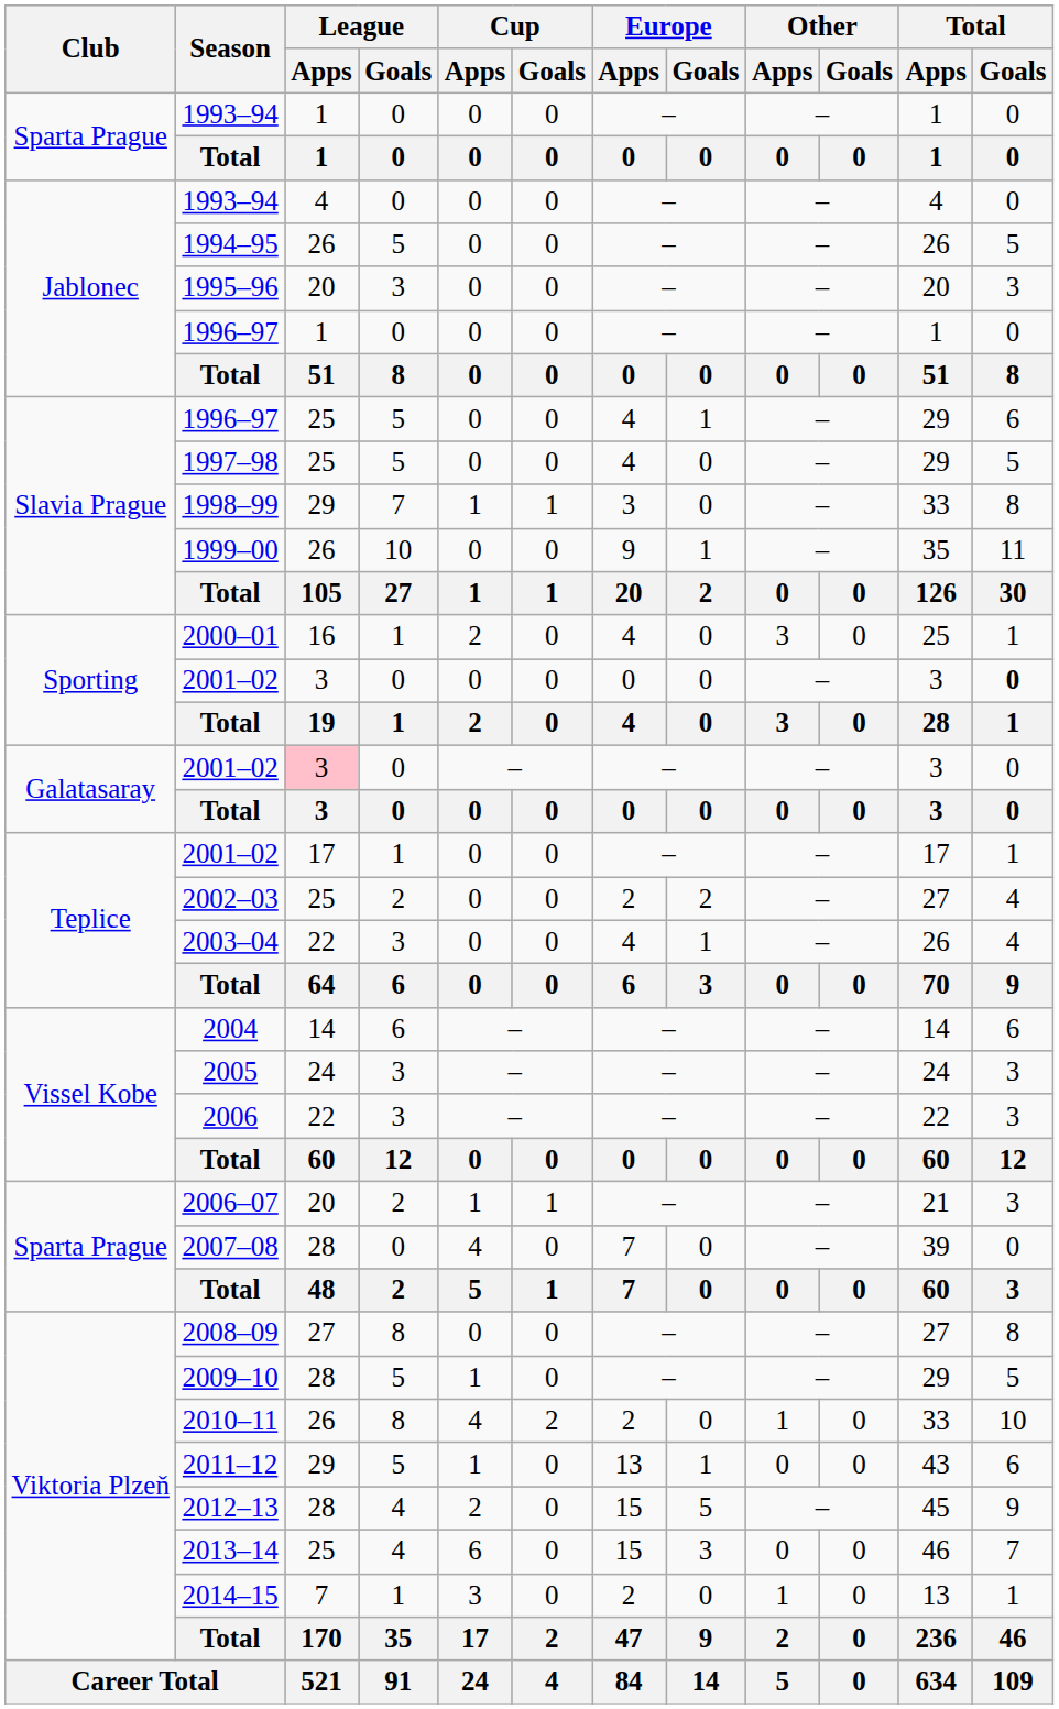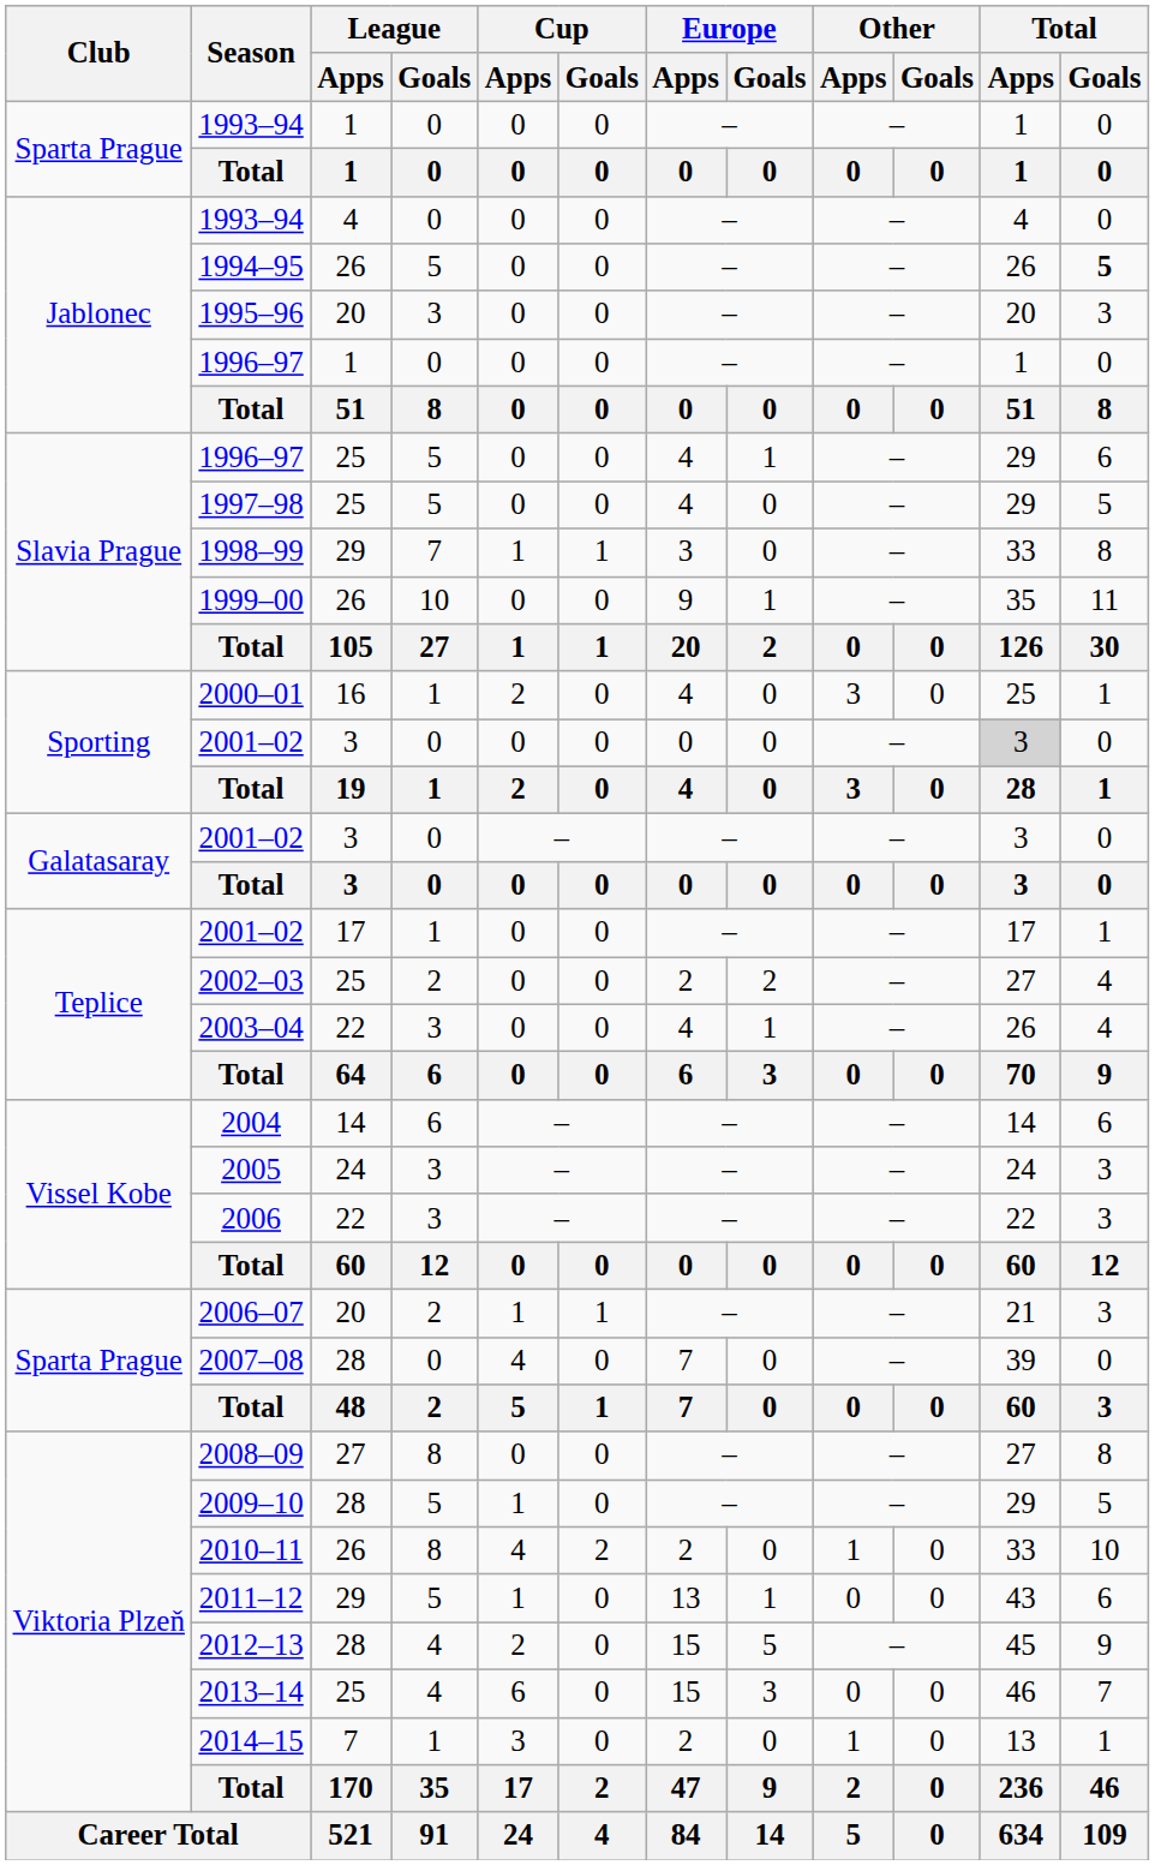 <table class="wikitable" style="text-align: center">
 <tr>
 <th rowspan="2">Club</th>
 <th rowspan="2">Season</th>
 <th colspan="2">League</th>
 <th colspan="2">Cup</th>
 <th colspan="2"><a href='#'>Europe</a></th>
 <th colspan="2">Other</th>
 <th colspan="2">Total</th>
 </tr>
 <tr>
 <th>Apps</th>
 <th>Goals</th>
 <th>Apps</th>
 <th>Goals</th>
 <th>Apps</th>
 <th>Goals</th>
 <th>Apps</th>
 <th>Goals</th>
 <th>Apps</th>
 <th>Goals</th>
 </tr>
 <tr>
 <td rowspan="2"><a href='#'>Sparta Prague</a></td>
 <td><a href='#'>1993–94</a></td>
 <td>1</td>
 <td>0</td>
 <td>0</td>
 <td>0</td>
 <td colspan="2">–</td>
 <td colspan="2">–</td>
 <td>1</td>
 <td>0</td>
 </tr>
 <tr>
 <th>Total</th>
 <th>1</th>
 <th>0</th>
 <th>0</th>
 <th>0</th>
 <th>0</th>
 <th>0</th>
 <th>0</th>
 <th>0</th>
 <th>1</th>
 <th>0</th>
 </tr>
 <tr>
 <td rowspan="5"><a href='#'>Jablonec</a></td>
 <td><a href='#'>1993–94</a></td>
 <td>4</td>
 <td>0</td>
 <td>0</td>
 <td>0</td>
 <td colspan="2">–</td>
 <td colspan="2">–</td>
 <td>4</td>
 <td>0</td>
 </tr>
 <tr>
 <td><a href='#'>1994–95</a></td>
 <td>26</td>
 <td>5</td>
 <td>0</td>
 <td>0</td>
 <td colspan="2">–</td>
 <td colspan="2">–</td>
 <td>26</td>
-<td>5</td>
+<td><strong>5</strong></td>
 </tr>
 <tr>
 <td><a href='#'>1995–96</a></td>
 <td>20</td>
 <td>3</td>
 <td>0</td>
 <td>0</td>
 <td colspan="2">–</td>
 <td colspan="2">–</td>
 <td>20</td>
 <td>3</td>
 </tr>
 <tr>
 <td><a href='#'>1996–97</a></td>
 <td>1</td>
 <td>0</td>
 <td>0</td>
 <td>0</td>
 <td colspan="2">–</td>
 <td colspan="2">–</td>
 <td>1</td>
 <td>0</td>
 </tr>
 <tr>
 <th>Total</th>
 <th>51</th>
 <th>8</th>
 <th>0</th>
 <th>0</th>
 <th>0</th>
 <th>0</th>
 <th>0</th>
 <th>0</th>
 <th>51</th>
 <th>8</th>
 </tr>
 <tr>
 <td rowspan="5"><a href='#'>Slavia Prague</a></td>
 <td><a href='#'>1996–97</a></td>
 <td>25</td>
 <td>5</td>
 <td>0</td>
 <td>0</td>
 <td>4</td>
 <td>1</td>
 <td colspan="2">–</td>
 <td>29</td>
 <td>6</td>
 </tr>
 <tr>
 <td><a href='#'>1997–98</a></td>
 <td>25</td>
 <td>5</td>
 <td>0</td>
 <td>0</td>
 <td>4</td>
 <td>0</td>
 <td colspan="2">–</td>
 <td>29</td>
 <td>5</td>
 </tr>
 <tr>
 <td><a href='#'>1998–99</a></td>
 <td>29</td>
 <td>7</td>
 <td>1</td>
 <td>1</td>
 <td>3</td>
 <td>0</td>
 <td colspan="2">–</td>
 <td>33</td>
 <td>8</td>
 </tr>
 <tr>
 <td><a href='#'>1999–00</a></td>
 <td>26</td>
 <td>10</td>
 <td>0</td>
 <td>0</td>
 <td>9</td>
 <td>1</td>
 <td colspan="2">–</td>
 <td>35</td>
 <td>11</td>
 </tr>
 <tr>
 <th>Total</th>
 <th>105</th>
 <th>27</th>
 <th>1</th>
 <th>1</th>
 <th>20</th>
 <th>2</th>
 <th>0</th>
 <th>0</th>
 <th>126</th>
 <th>30</th>
 </tr>
 <tr>
 <td rowspan="3"><a href='#'>Sporting</a></td>
 <td><a href='#'>2000–01</a></td>
 <td>16</td>
 <td>1</td>
 <td>2</td>
 <td>0</td>
 <td>4</td>
 <td>0</td>
 <td>3</td>
 <td>0</td>
 <td>25</td>
 <td>1</td>
 </tr>
 <tr>
 <td><a href='#'>2001–02</a></td>
 <td>3</td>
 <td>0</td>
 <td>0</td>
 <td>0</td>
 <td>0</td>
 <td>0</td>
 <td colspan="2">–</td>
-<td>3</td>
-<td><strong>0</strong></td>
+<td style="background: lightgrey;">3</td>
+<td>0</td>
 </tr>
 <tr>
 <th>Total</th>
 <th>19</th>
 <th>1</th>
 <th>2</th>
 <th>0</th>
 <th>4</th>
 <th>0</th>
 <th>3</th>
 <th>0</th>
 <th>28</th>
 <th>1</th>
 </tr>
 <tr>
 <td rowspan="2"><a href='#'>Galatasaray</a></td>
 <td><a href='#'>2001–02</a></td>
-<td style="background: pink;">3</td>
+<td>3</td>
 <td>0</td>
 <td colspan="2">–</td>
 <td colspan="2">–</td>
 <td colspan="2">–</td>
 <td>3</td>
 <td>0</td>
 </tr>
 <tr>
 <th>Total</th>
 <th>3</th>
 <th>0</th>
 <th>0</th>
 <th>0</th>
 <th>0</th>
 <th>0</th>
 <th>0</th>
 <th>0</th>
 <th>3</th>
 <th>0</th>
 </tr>
 <tr>
 <td rowspan="4"><a href='#'>Teplice</a></td>
 <td><a href='#'>2001–02</a></td>
 <td>17</td>
 <td>1</td>
 <td>0</td>
 <td>0</td>
 <td colspan="2">–</td>
 <td colspan="2">–</td>
 <td>17</td>
 <td>1</td>
 </tr>
 <tr>
 <td><a href='#'>2002–03</a></td>
 <td>25</td>
 <td>2</td>
 <td>0</td>
 <td>0</td>
 <td>2</td>
 <td>2</td>
 <td colspan="2">–</td>
 <td>27</td>
 <td>4</td>
 </tr>
 <tr>
 <td><a href='#'>2003–04</a></td>
 <td>22</td>
 <td>3</td>
 <td>0</td>
 <td>0</td>
 <td>4</td>
 <td>1</td>
 <td colspan="2">–</td>
 <td>26</td>
 <td>4</td>
 </tr>
 <tr>
 <th>Total</th>
 <th>64</th>
 <th>6</th>
 <th>0</th>
 <th>0</th>
 <th>6</th>
 <th>3</th>
 <th>0</th>
 <th>0</th>
 <th>70</th>
 <th>9</th>
 </tr>
 <tr>
 <td rowspan="4"><a href='#'>Vissel Kobe</a></td>
 <td><a href='#'>2004</a></td>
 <td>14</td>
 <td>6</td>
 <td colspan="2">–</td>
 <td colspan="2">–</td>
 <td colspan="2">–</td>
 <td>14</td>
 <td>6</td>
 </tr>
 <tr>
 <td><a href='#'>2005</a></td>
 <td>24</td>
 <td>3</td>
 <td colspan="2">–</td>
 <td colspan="2">–</td>
 <td colspan="2">–</td>
 <td>24</td>
 <td>3</td>
 </tr>
 <tr>
 <td><a href='#'>2006</a></td>
 <td>22</td>
 <td>3</td>
 <td colspan="2">–</td>
 <td colspan="2">–</td>
 <td colspan="2">–</td>
 <td>22</td>
 <td>3</td>
 </tr>
 <tr>
 <th>Total</th>
 <th>60</th>
 <th>12</th>
 <th>0</th>
 <th>0</th>
 <th>0</th>
 <th>0</th>
 <th>0</th>
 <th>0</th>
 <th>60</th>
 <th>12</th>
 </tr>
 <tr>
 <td rowspan="3"><a href='#'>Sparta Prague</a></td>
 <td><a href='#'>2006–07</a></td>
 <td>20</td>
 <td>2</td>
 <td>1</td>
 <td>1</td>
 <td colspan="2">–</td>
 <td colspan="2">–</td>
 <td>21</td>
 <td>3</td>
 </tr>
 <tr>
 <td><a href='#'>2007–08</a></td>
 <td>28</td>
 <td>0</td>
 <td>4</td>
 <td>0</td>
 <td>7</td>
 <td>0</td>
 <td colspan="2">–</td>
 <td>39</td>
 <td>0</td>
 </tr>
 <tr>
 <th>Total</th>
 <th>48</th>
 <th>2</th>
 <th>5</th>
 <th>1</th>
 <th>7</th>
 <th>0</th>
 <th>0</th>
 <th>0</th>
 <th>60</th>
 <th>3</th>
 </tr>
 <tr>
 <td rowspan="8"><a href='#'>Viktoria Plzeň</a></td>
 <td><a href='#'>2008–09</a></td>
 <td>27</td>
 <td>8</td>
 <td>0</td>
 <td>0</td>
 <td colspan="2">–</td>
 <td colspan="2">–</td>
 <td>27</td>
 <td>8</td>
 </tr>
 <tr>
 <td><a href='#'>2009–10</a></td>
 <td>28</td>
 <td>5</td>
 <td>1</td>
 <td>0</td>
 <td colspan="2">–</td>
 <td colspan="2">–</td>
 <td>29</td>
 <td>5</td>
 </tr>
 <tr>
 <td><a href='#'>2010–11</a></td>
 <td>26</td>
 <td>8</td>
 <td>4</td>
 <td>2</td>
 <td>2</td>
 <td>0</td>
 <td>1</td>
 <td>0</td>
 <td>33</td>
 <td>10</td>
 </tr>
 <tr>
 <td><a href='#'>2011–12</a></td>
 <td>29</td>
 <td>5</td>
 <td>1</td>
 <td>0</td>
 <td>13</td>
 <td>1</td>
 <td>0</td>
 <td>0</td>
 <td>43</td>
 <td>6</td>
 </tr>
 <tr>
 <td><a href='#'>2012–13</a></td>
 <td>28</td>
 <td>4</td>
 <td>2</td>
 <td>0</td>
 <td>15</td>
 <td>5</td>
 <td colspan="2">–</td>
 <td>45</td>
 <td>9</td>
 </tr>
 <tr>
 <td><a href='#'>2013–14</a></td>
 <td>25</td>
 <td>4</td>
 <td>6</td>
 <td>0</td>
 <td>15</td>
 <td>3</td>
 <td>0</td>
 <td>0</td>
 <td>46</td>
 <td>7</td>
 </tr>
 <tr>
 <td><a href='#'>2014–15</a></td>
 <td>7</td>
 <td>1</td>
 <td>3</td>
 <td>0</td>
 <td>2</td>
 <td>0</td>
 <td>1</td>
 <td>0</td>
 <td>13</td>
 <td>1</td>
 </tr>
 <tr>
 <th>Total</th>
 <th>170</th>
 <th>35</th>
 <th>17</th>
 <th>2</th>
 <th>47</th>
 <th>9</th>
 <th>2</th>
 <th>0</th>
 <th>236</th>
 <th>46</th>
 </tr>
 <tr>
 <th colspan="2">Career Total</th>
 <th>521</th>
 <th>91</th>
 <th>24</th>
 <th>4</th>
 <th>84</th>
 <th>14</th>
 <th>5</th>
 <th>0</th>
 <th>634</th>
 <th>109</th>
 </tr>
 </table>
